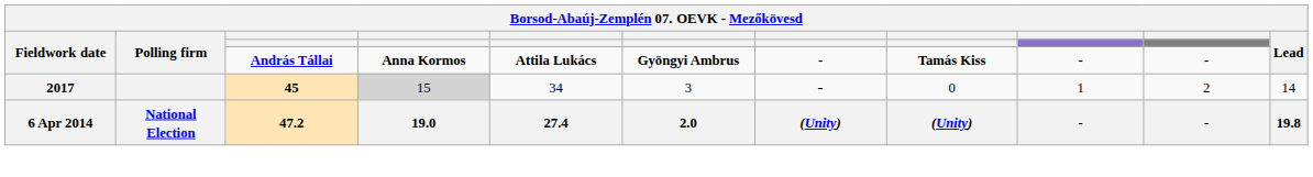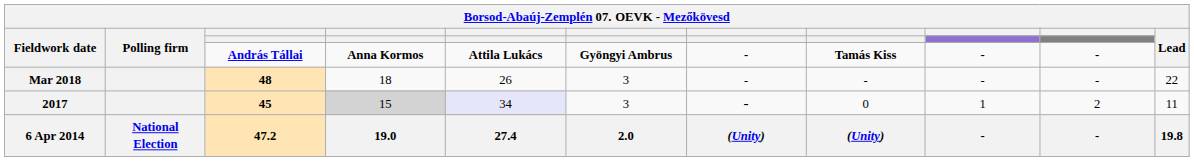 <table class="wikitable mw-collapsible mw-collapsed" style="text-align:center">
 <tr>
 <th colspan="11" style="width: 980pt;"><small><a href='#'>Borsod-Abaúj-Zemplén</a> 07.</small> <small>OEVK - <a href='#'>Mezőkövesd</a></small></th>
 </tr>
 <tr>
 <th rowspan="3" style="width: 80pt;"><small>Fieldwork</small> <small>date</small></th>
 <th rowspan="3" style="width: 80pt;"><strong><small>Polling</small> <small>firm</small></strong></th>
 <th style="width: 100pt;"><small></small></th>
 <th style="width: 100pt;"><small> </small></th>
 <th style="width: 100pt;"></th>
 <th style="width: 100pt;"></th>
 <th style="width: 100pt;"></th>
 <th style="width: 100pt;"></th>
 <th style="width: 100pt;"></th>
 <th style="width: 100pt;"></th>
 <th rowspan="3" style="width: 20pt;"><small>Lead</small></th>
 </tr>
 <tr>
 <th style="color:inherit;background:"></th>
 <th style="color:inherit;background:"></th>
 <th style="color:inherit;background:"></th>
 <th style="color:inherit;background:"></th>
 <th style="color:inherit;background:"></th>
 <th style="color:inherit;background:"></th>
 <th style="color:inherit;background:#8E6FCE;"></th>
 <th style="color:inherit;background:#808080;"></th>
 </tr>
 <tr>
 <td><a href='#'><strong><small>András Tállai</small></strong></a></td>
 <td><strong><small>Anna Kormos</small></strong></td>
 <td><strong><small>Attila Lukács</small></strong></td>
 <td><strong><small>Gyöngyi Ambrus</small></strong></td>
 <td><strong><small>-</small></strong></td>
 <td><strong><small>Tamás Kiss</small></strong></td>
 <td><strong><small>-</small></strong></td>
 <td><strong><small>-</small></strong></td>
 </tr>
 <tr>
+<th><small>Mar 2018</small></th>
+<th><small></small></th>
+<td style="background:#FFE5B4"><strong><small>48</small></strong></td>
+<td><small>18</small></td>
+<td><small>26</small></td>
+<td><small>3</small></td>
+<td><small>-</small></td>
+<td><small>-</small></td>
+<td><small>-</small></td>
+<td><small>-</small></td>
+<td style="background:"><small>22</small></td>
+</tr>
+<tr>
 <th><small>2017</small></th>
 <th><small></small></th>
 <td style="background:#FFE5B4"><strong><small>45</small></strong></td>
 <td style="background: lightgrey;"><small>15</small></td>
-<td><small>34</small></td>
+<td style="background: lavender;"><small>34</small></td>
 <td><small>3</small></td>
 <td>-</td>
 <td><small>0</small></td>
 <td><small>1</small></td>
 <td><small>2</small></td>
-<td style="background:"><small>14</small></td>
+<td style="background:"><small>11</small></td>
 </tr>
 <tr>
 <th><small>6 Apr 2014</small></th>
 <th><a href='#'><small>National Election</small></a></th>
 <th style="background:#FFE5B4"><strong><small>47.2</small></strong></th>
 <th><small>19.0</small></th>
 <th><small>27.4</small></th>
 <th><small>2.0</small></th>
 <th><small><em>(<a href='#'>Unity</a>)</em></small></th>
 <th><small><em>(<a href='#'>Unity</a>)</em></small></th>
 <th><small>-</small></th>
 <th><small>-</small></th>
 <th style="background:"><small>19.8</small></th>
 </tr>
 </table>
